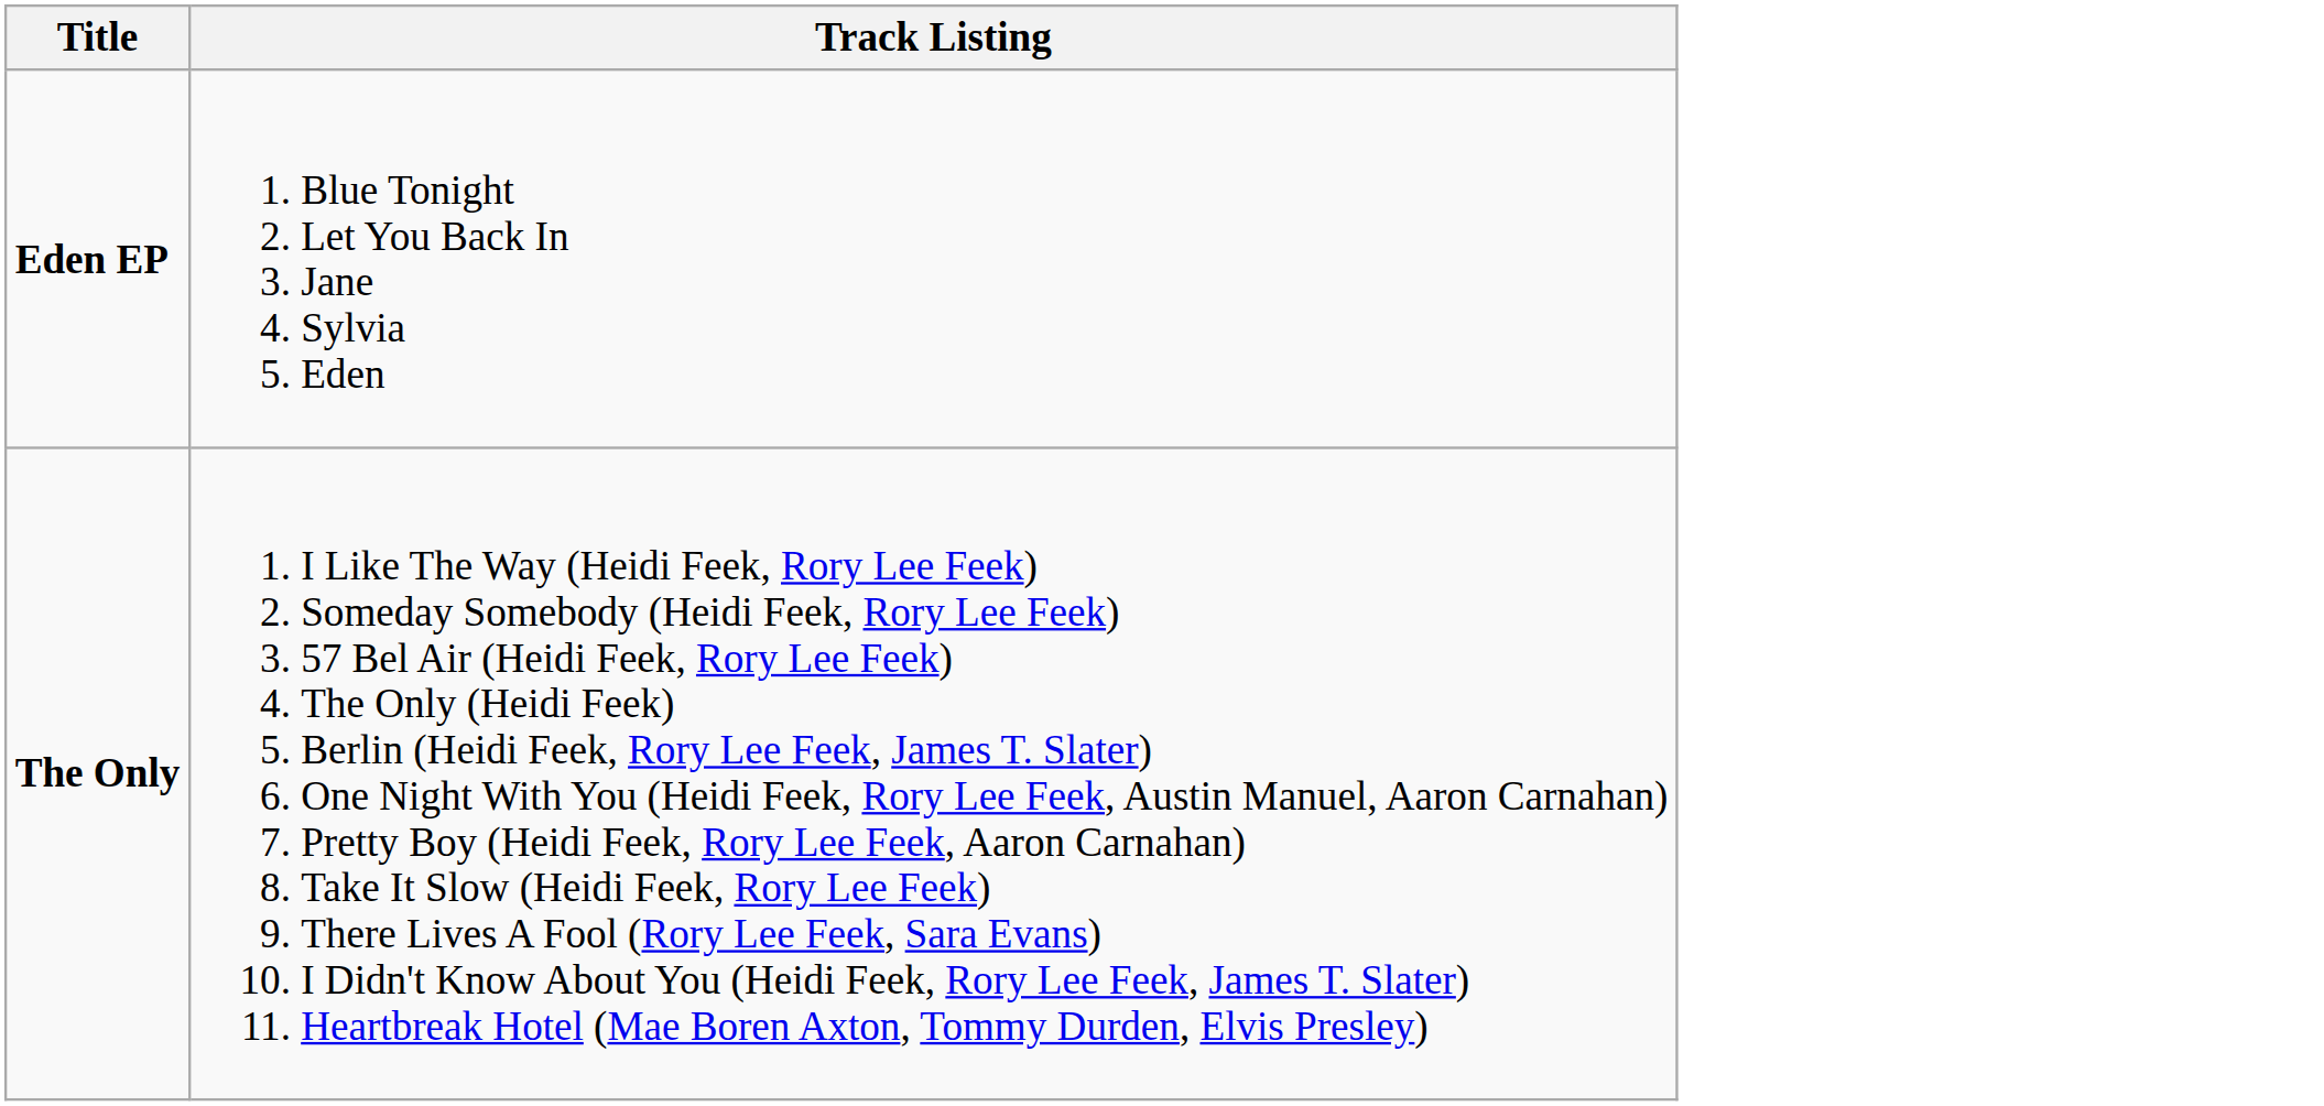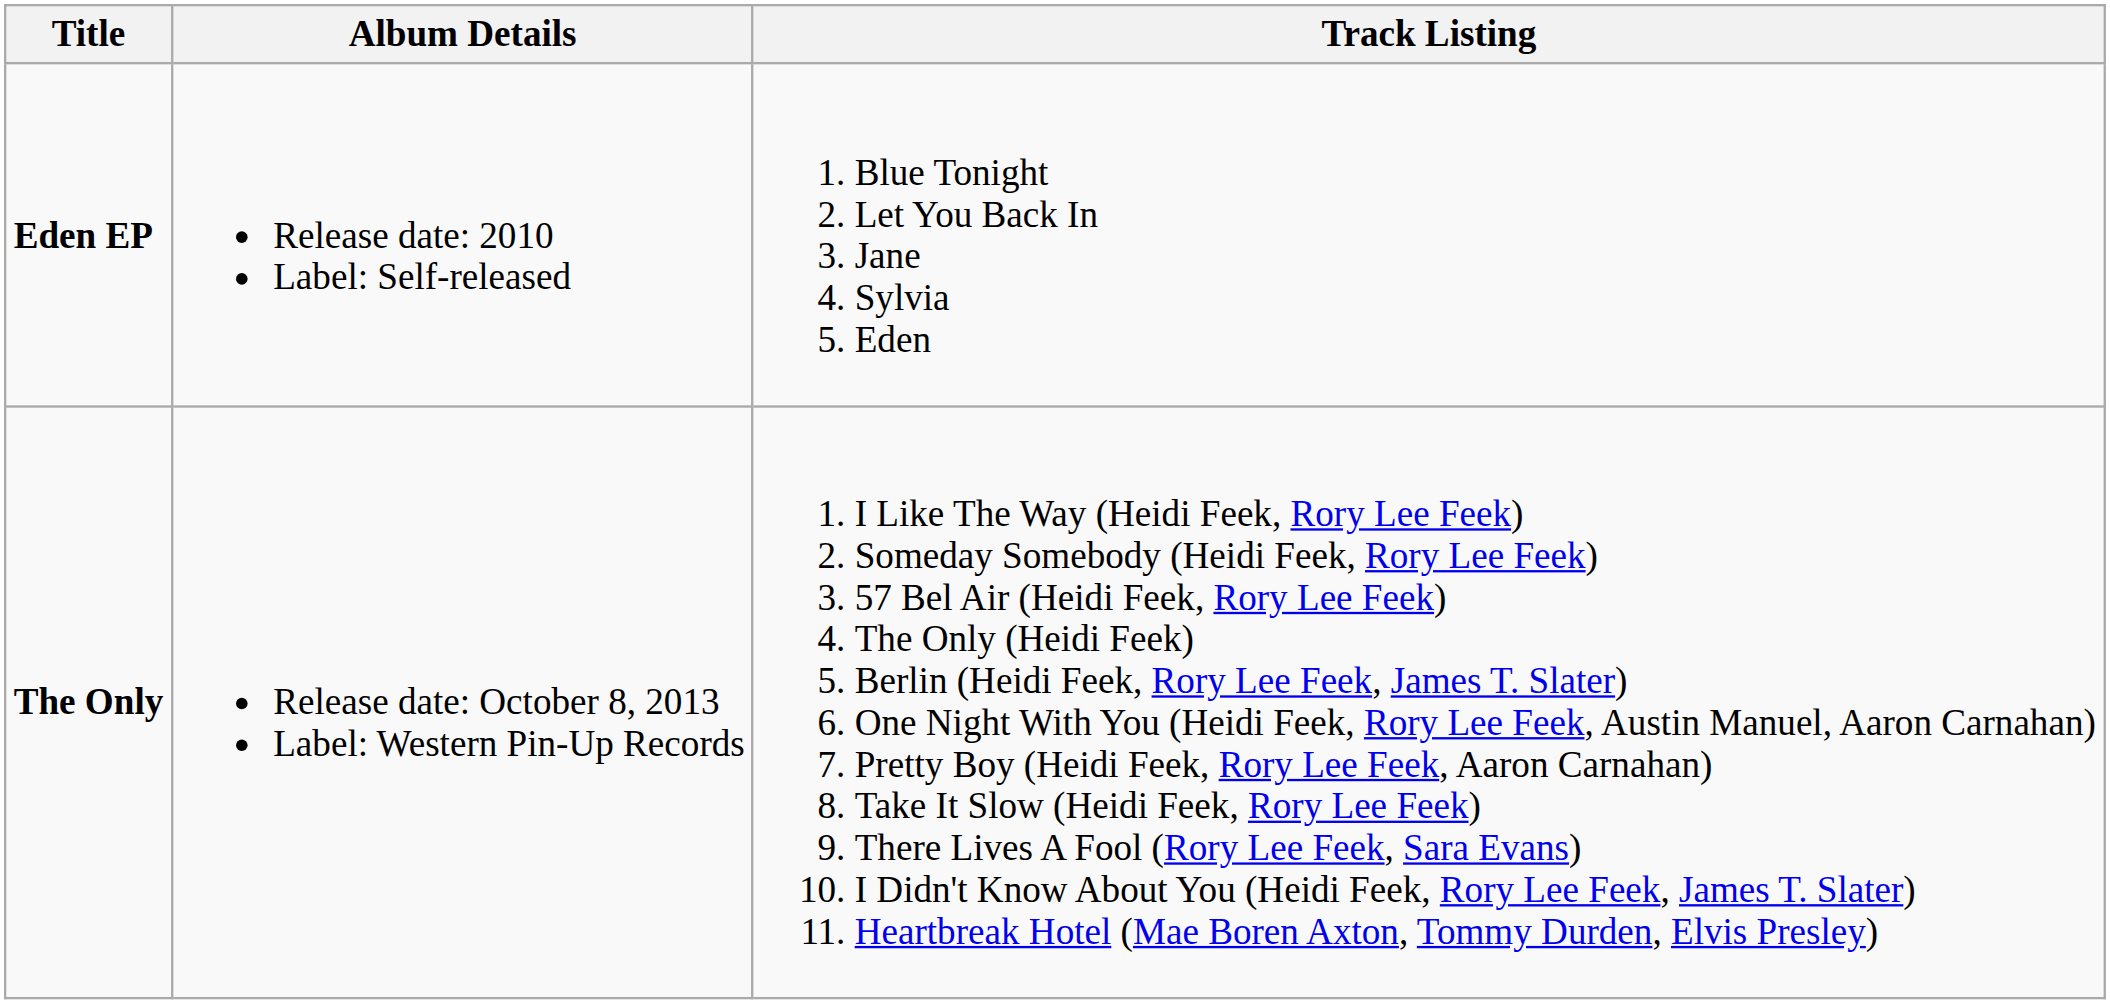 <table class="wikitable">
 <tr>
 <th>Title</th>
+<th>Album Details</th>
 <th>Track Listing</th>
 </tr>
 <tr>
 <td><strong>Eden EP</strong></td>
+<td><br><ul><li>Release date: 2010</li><li>Label: Self-released</li></ul></td>
 <td><br><ol><li>Blue Tonight</li><li>Let You Back In</li><li>Jane</li><li>Sylvia</li><li>Eden</li></ol></td>
 </tr>
 <tr>
 <td><strong>The Only</strong></td>
+<td><br><ul><li>Release date: October 8, 2013</li><li>Label: Western Pin-Up Records</li></ul></td>
 <td><br><ol><li>I Like The Way (Heidi Feek, <a href='#'>Rory Lee Feek</a>)</li><li>Someday Somebody (Heidi Feek, <a href='#'>Rory Lee Feek</a>)</li><li>57 Bel Air (Heidi Feek, <a href='#'>Rory Lee Feek</a>)</li><li>The Only (Heidi Feek)</li><li>Berlin (Heidi Feek, <a href='#'>Rory Lee Feek</a>, <a href='#'>James T. Slater</a>)</li><li>One Night With You (Heidi Feek, <a href='#'>Rory Lee Feek</a>, Austin Manuel, Aaron Carnahan)</li><li>Pretty Boy (Heidi Feek, <a href='#'>Rory Lee Feek</a>, Aaron Carnahan)</li><li>Take It Slow (Heidi Feek, <a href='#'>Rory Lee Feek</a>)</li><li>There Lives A Fool (<a href='#'>Rory Lee Feek</a>, <a href='#'>Sara Evans</a>)</li><li>I Didn't Know About You (Heidi Feek, <a href='#'>Rory Lee Feek</a>, <a href='#'>James T. Slater</a>)</li><li><a href='#'>Heartbreak Hotel</a> (<a href='#'>Mae Boren Axton</a>, <a href='#'>Tommy Durden</a>, <a href='#'>Elvis Presley</a>)</li></ol></td>
 </tr>
 </table>
